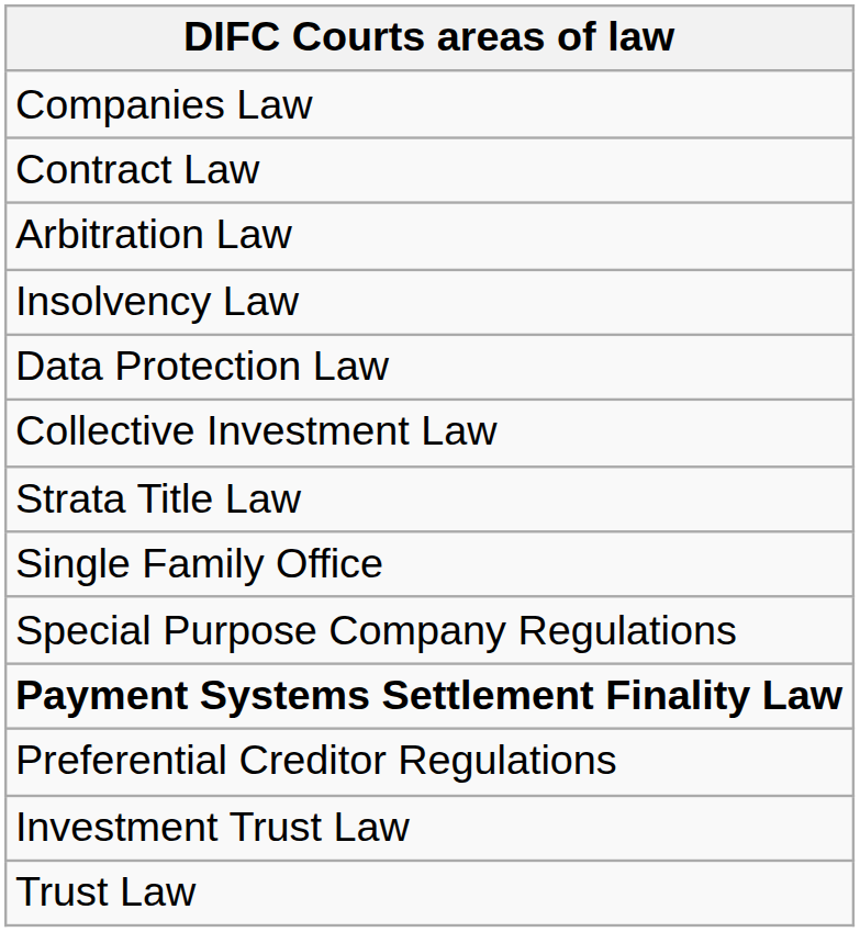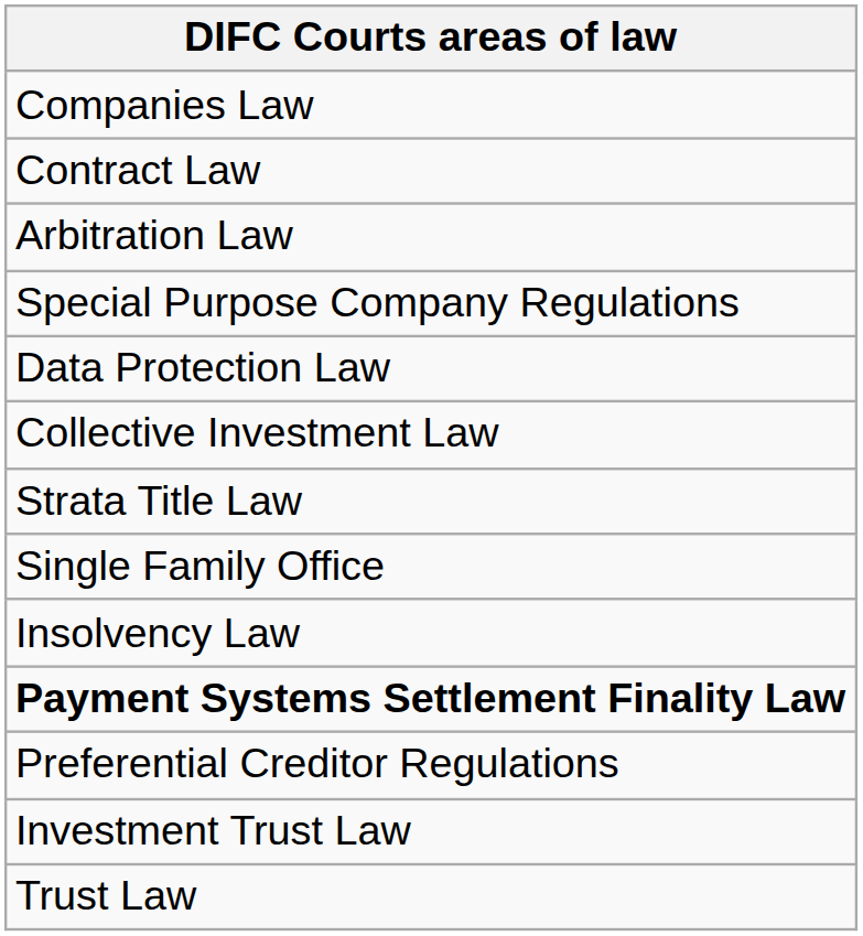 <table class="wikitable">
 <tr>
 <th>DIFC Courts areas of law</th>
 </tr>
 <tr>
 <td>Companies Law</td>
 </tr>
 <tr>
 <td>Contract Law</td>
 </tr>
 <tr>
 <td>Arbitration Law</td>
 </tr>
 <tr>
-<td>Insolvency Law</td>
+<td>Special Purpose Company Regulations</td>
 </tr>
 <tr>
 <td>Data Protection Law</td>
 </tr>
 <tr>
 <td>Collective Investment Law</td>
 </tr>
 <tr>
 <td>Strata Title Law</td>
 </tr>
 <tr>
 <td>Single Family Office</td>
 </tr>
 <tr>
-<td>Special Purpose Company Regulations</td>
+<td>Insolvency Law</td>
 </tr>
 <tr>
 <td><strong>Payment Systems Settlement Finality Law</strong></td>
 </tr>
 <tr>
 <td>Preferential Creditor Regulations</td>
 </tr>
 <tr>
 <td>Investment Trust Law</td>
 </tr>
 <tr>
 <td>Trust Law</td>
 </tr>
 </table>
